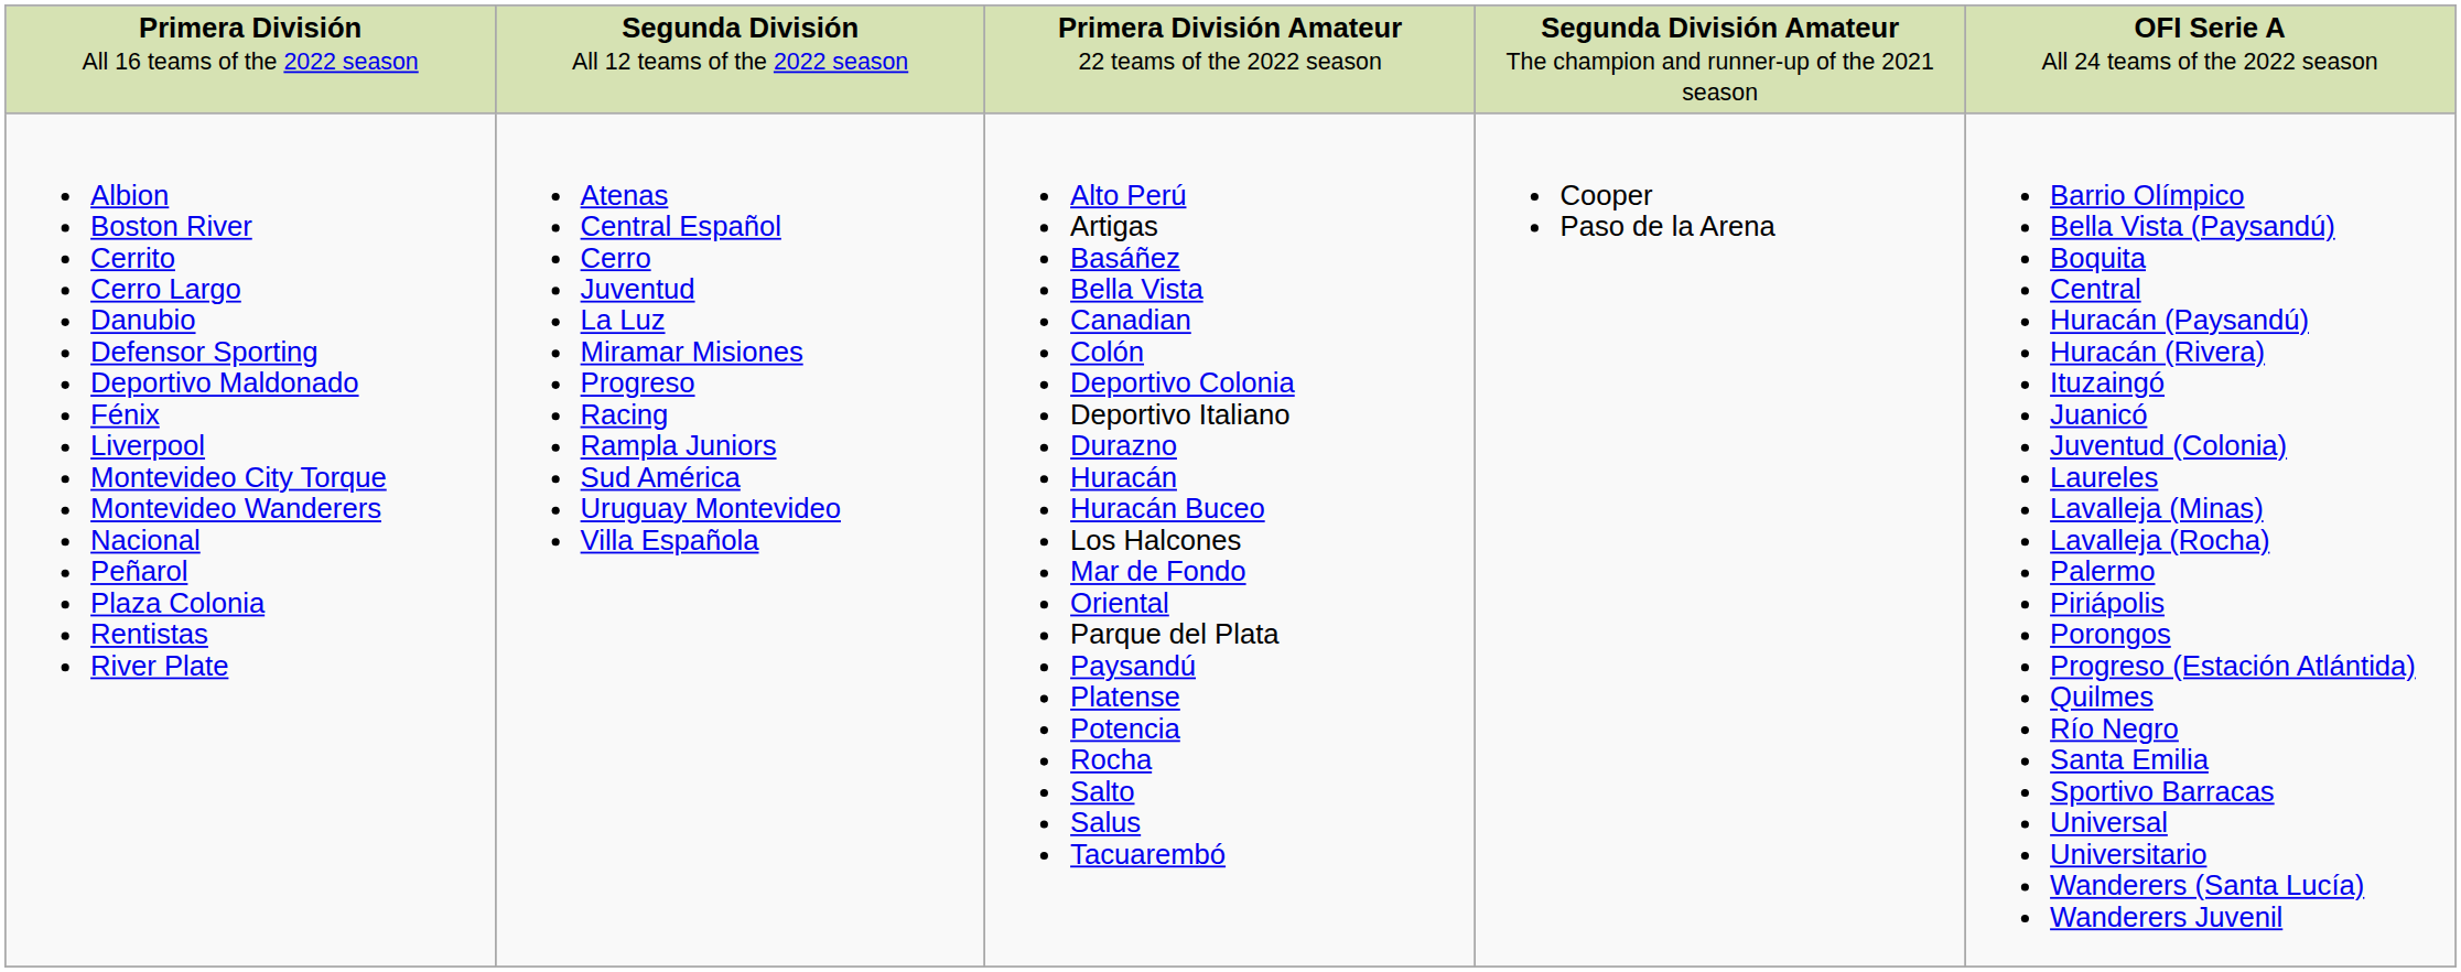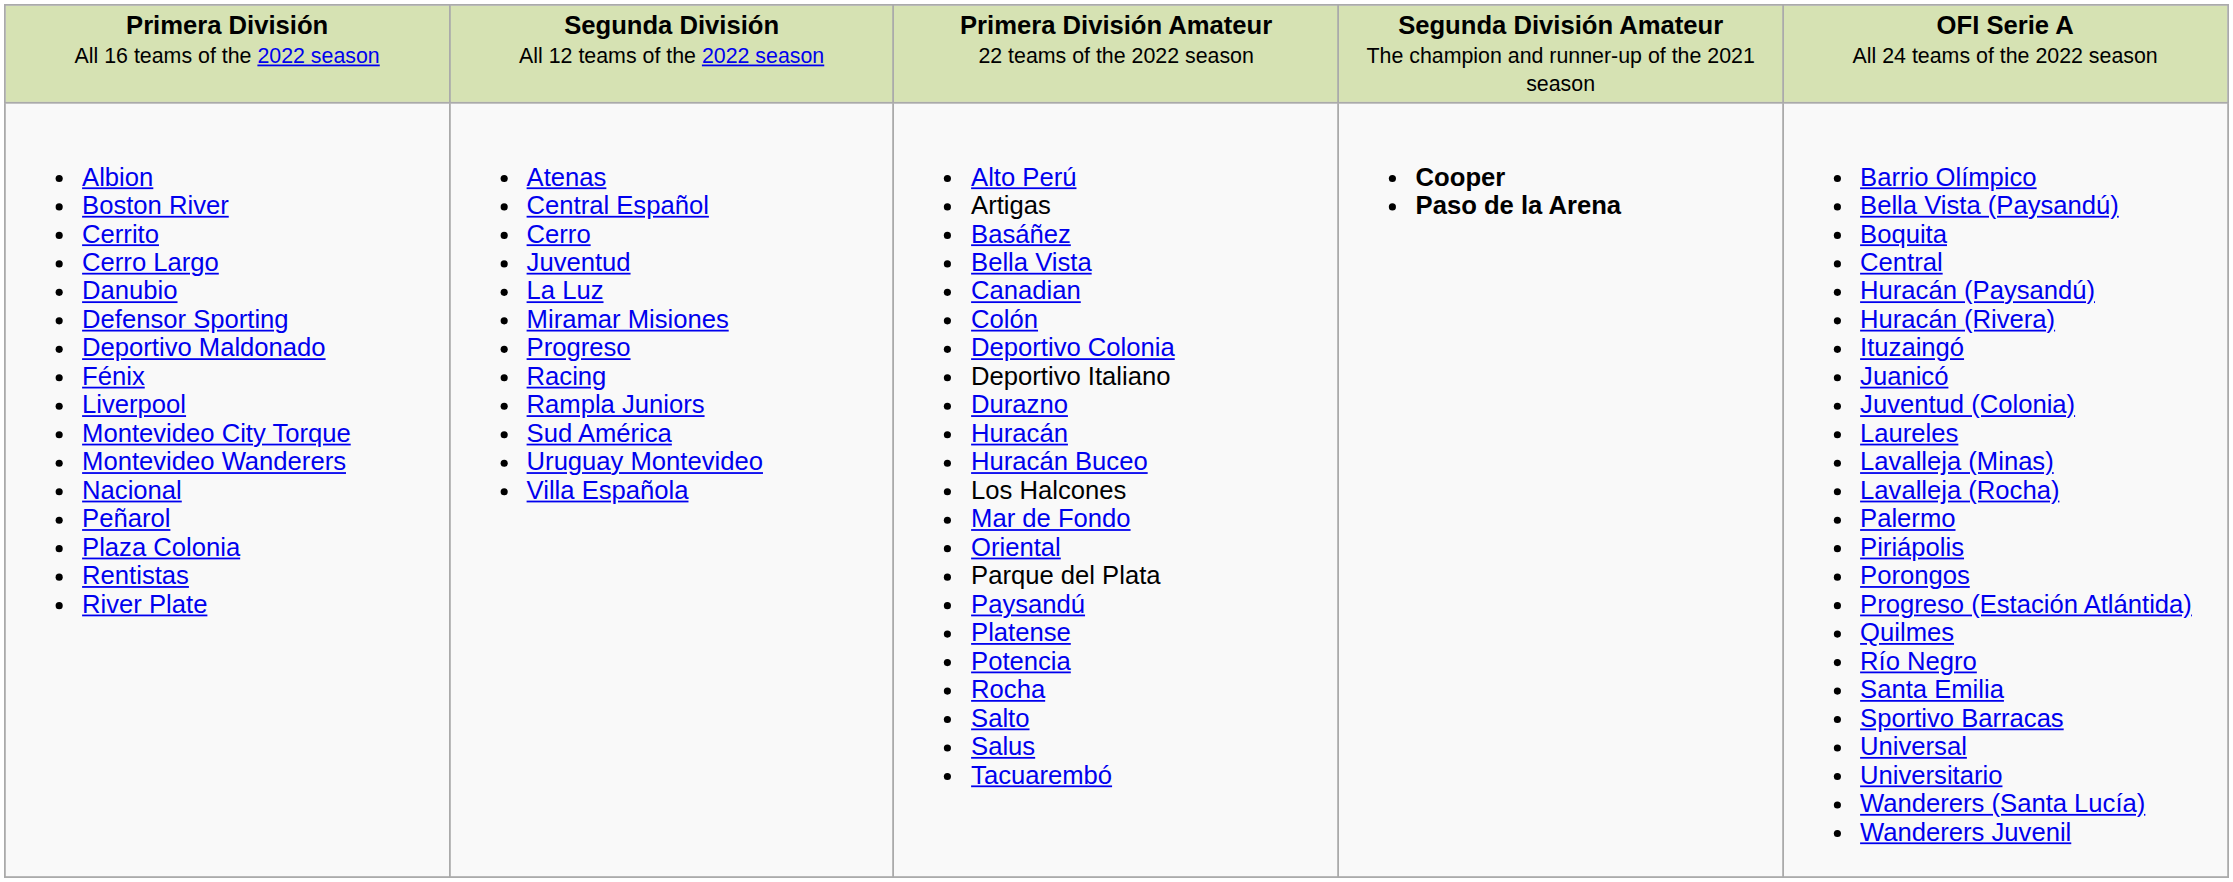 <table class="wikitable" style="font-size:90%">
 <tr style="background-color:#d6e2b3; text-align:center; vertical-align:top">
 <td style="width:20%"><strong>Primera División</strong><br><small>All 16 teams of the <a href='#'>2022 season</a></small></td>
 <td style="width:20%"><strong>Segunda División</strong><br><small>All 12 teams of the <a href='#'>2022 season</a></small></td>
 <td style="width:20%"><strong>Primera División Amateur</strong><br><small>22 teams of the 2022 season</small></td>
 <td style="width:20%"><strong>Segunda División Amateur</strong><br><small>The champion and runner-up of the 2021 season</small></td>
 <td style="width:20%"><strong>OFI Serie A</strong><br><small>All 24 teams of the 2022 season</small></td>
 </tr>
 <tr style="vertical-align:top">
 <td><br><ul><li><a href='#'>Albion</a></li><li><a href='#'>Boston River</a></li><li><a href='#'>Cerrito</a></li><li><a href='#'>Cerro Largo</a></li><li><a href='#'>Danubio</a></li><li><a href='#'>Defensor Sporting</a></li><li><a href='#'>Deportivo Maldonado</a></li><li><a href='#'>Fénix</a></li><li><a href='#'>Liverpool</a></li><li><a href='#'>Montevideo City Torque</a></li><li><a href='#'>Montevideo Wanderers</a></li><li><a href='#'>Nacional</a></li><li><a href='#'>Peñarol</a></li><li><a href='#'>Plaza Colonia</a></li><li><a href='#'>Rentistas</a></li><li><a href='#'>River Plate</a></li></ul></td>
 <td><br><ul><li><a href='#'>Atenas</a></li><li><a href='#'>Central Español</a></li><li><a href='#'>Cerro</a></li><li><a href='#'>Juventud</a></li><li><a href='#'>La Luz</a></li><li><a href='#'>Miramar Misiones</a></li><li><a href='#'>Progreso</a></li><li><a href='#'>Racing</a></li><li><a href='#'>Rampla Juniors</a></li><li><a href='#'>Sud América</a></li><li><a href='#'>Uruguay Montevideo</a></li><li><a href='#'>Villa Española</a></li></ul></td>
 <td><br><ul><li><a href='#'>Alto Perú</a></li><li>Artigas</li><li><a href='#'>Basáñez</a></li><li><a href='#'>Bella Vista</a></li><li><a href='#'>Canadian</a></li><li><a href='#'>Colón</a></li><li><a href='#'>Deportivo Colonia</a></li><li>Deportivo Italiano</li><li><a href='#'>Durazno</a></li><li><a href='#'>Huracán</a></li><li><a href='#'>Huracán Buceo</a></li><li>Los Halcones</li><li><a href='#'>Mar de Fondo</a></li><li><a href='#'>Oriental</a></li><li>Parque del Plata</li><li><a href='#'>Paysandú</a></li><li><a href='#'>Platense</a></li><li><a href='#'>Potencia</a></li><li><a href='#'>Rocha</a></li><li><a href='#'>Salto</a></li><li><a href='#'>Salus</a></li><li><a href='#'>Tacuarembó</a></li></ul></td>
-<td><br><ul><li>Cooper</li><li>Paso de la Arena</li></ul></td>
+<td><strong><br><ul><li>Cooper</li><li>Paso de la Arena</li></ul></strong></td>
 <td><br><ul><li><a href='#'>Barrio Olímpico</a></li><li><a href='#'>Bella Vista (Paysandú)</a></li><li><a href='#'>Boquita</a></li><li><a href='#'>Central</a></li><li><a href='#'>Huracán (Paysandú)</a></li><li><a href='#'>Huracán (Rivera)</a></li><li><a href='#'>Ituzaingó</a></li><li><a href='#'>Juanicó</a></li><li><a href='#'>Juventud (Colonia)</a></li><li><a href='#'>Laureles</a></li><li><a href='#'>Lavalleja (Minas)</a></li><li><a href='#'>Lavalleja (Rocha)</a></li><li><a href='#'>Palermo</a></li><li><a href='#'>Piriápolis</a></li><li><a href='#'>Porongos</a></li><li><a href='#'>Progreso (Estación Atlántida)</a></li><li><a href='#'>Quilmes</a></li><li><a href='#'>Río Negro</a></li><li><a href='#'>Santa Emilia</a></li><li><a href='#'>Sportivo Barracas</a></li><li><a href='#'>Universal</a></li><li><a href='#'>Universitario</a></li><li><a href='#'>Wanderers (Santa Lucía)</a></li><li><a href='#'>Wanderers Juvenil</a></li></ul></td>
 </tr>
 </table>
